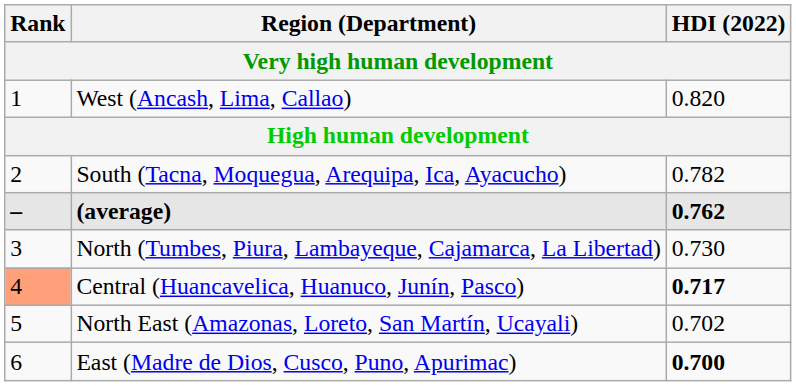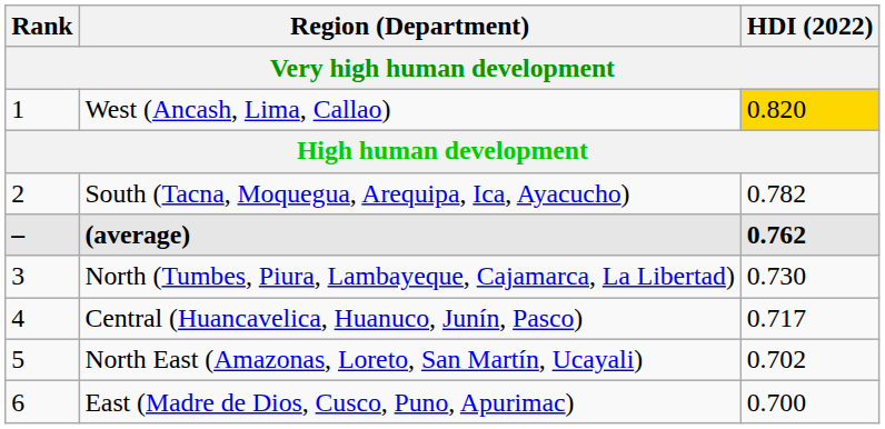 <table class="wikitable sortable">
 <tr>
 <th>Rank</th>
 <th>Region (Department)</th>
 <th>HDI (2022)</th>
 </tr>
 <tr>
 <th colspan="3" style="color:#090;">Very high human development</th>
 </tr>
 <tr>
 <td>1</td>
 <td>West (<a href='#'>Ancash</a>, <a href='#'>Lima</a>, <a href='#'>Callao</a>)</td>
-<td>0.820</td>
+<td style="background: gold;">0.820</td>
 </tr>
 <tr>
 <th colspan="3" style="color:#0c0;">High human development</th>
 </tr>
 <tr>
 <td>2</td>
 <td>South (<a href='#'>Tacna</a>, <a href='#'>Moquegua</a>, <a href='#'>Arequipa</a>, <a href='#'>Ica</a>, <a href='#'>Ayacucho</a>)</td>
 <td>0.782</td>
 </tr>
 <tr style="background:#e6e6e6">
 <td><strong>–</strong></td>
 <td><strong> (average)</strong></td>
 <td><strong>0.762</strong></td>
 </tr>
 <tr>
 <td>3</td>
 <td>North (<a href='#'>Tumbes</a>, <a href='#'>Piura</a>, <a href='#'>Lambayeque</a>, <a href='#'>Cajamarca</a>, <a href='#'>La Libertad</a>)</td>
 <td>0.730</td>
 </tr>
 <tr>
-<td style="background: lightsalmon;">4</td>
+<td>4</td>
 <td>Central (<a href='#'>Huancavelica</a>, <a href='#'>Huanuco</a>, <a href='#'>Junín</a>, <a href='#'>Pasco</a>)</td>
-<td><strong>0.717</strong></td>
+<td>0.717</td>
 </tr>
 <tr>
 <td>5</td>
 <td>North East (<a href='#'>Amazonas</a>, <a href='#'>Loreto</a>, <a href='#'>San Martín</a>, <a href='#'>Ucayali</a>)</td>
 <td>0.702</td>
 </tr>
 <tr>
 <td>6</td>
 <td>East (<a href='#'>Madre de Dios</a>, <a href='#'>Cusco</a>, <a href='#'>Puno</a>, <a href='#'>Apurimac</a>)</td>
-<td><strong>0.700</strong></td>
+<td>0.700</td>
 </tr>
 </table>
